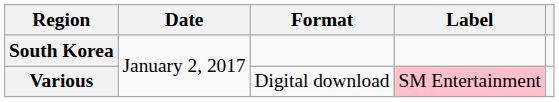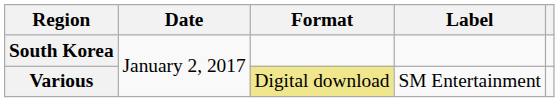 <table class="wikitable plainrowheaders">
 <tr>
 <th>Region</th>
 <th>Date</th>
 <th>Format</th>
 <th>Label</th>
 <th></th>
 </tr>
 <tr>
 <th scope="row">South Korea</th>
 <td rowspan="2">January 2, 2017</td>
 <td></td>
 <td></td>
 <td align="center"></td>
 </tr>
 <tr>
 <th scope="row">Various</th>
-<td>Digital download</td>
-<td style="background: pink;">SM Entertainment</td>
+<td style="background: khaki;">Digital download</td>
+<td>SM Entertainment</td>
 <td align="center"></td>
 </tr>
 </table>
